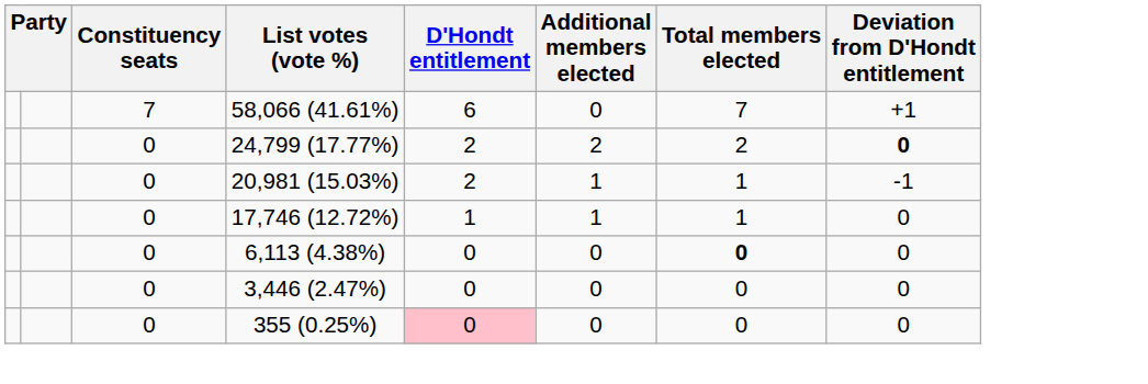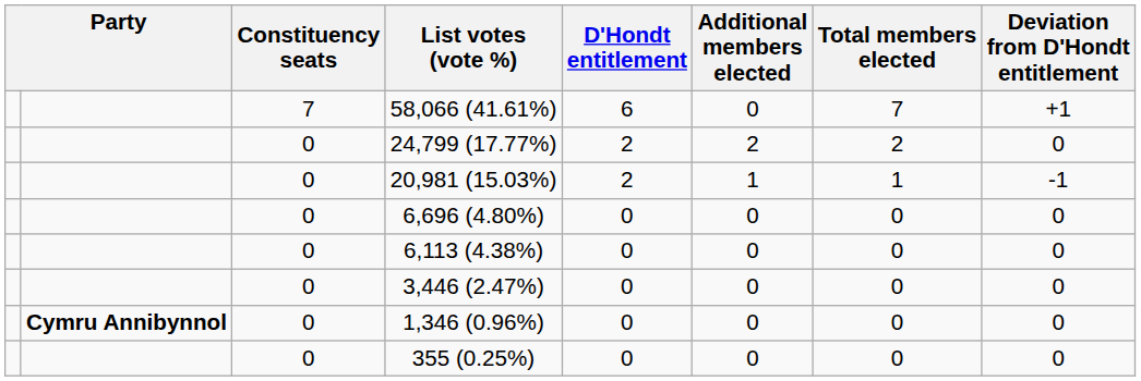 <table class="wikitable" style="text-align:center">
 <tr>
 <th colspan="2" rowspan="1" align="center" valign="top">Party</th>
 <th>Constituency<br>seats</th>
 <th>List votes<br>(vote %)</th>
 <th><a href='#'>D'Hondt<br>entitlement</a></th>
 <th>Additional<br>members<br>elected</th>
 <th>Total members<br>elected</th>
 <th>Deviation<br>from D'Hondt<br>entitlement</th>
 </tr>
 <tr>
 <td style="width: 4px" bgcolor=></td>
 <td style="text-align: left;" scope="row"><strong><a href='#'></a></strong></td>
 <td>7</td>
 <td>58,066 (41.61%)</td>
 <td>6</td>
 <td>0</td>
 <td>7</td>
 <td>+1</td>
 </tr>
 <tr>
 <td style="width: 4px" bgcolor=></td>
 <td style="text-align: left;" scope="row"><strong><a href='#'></a></strong></td>
 <td>0</td>
 <td>24,799 (17.77%)</td>
 <td>2</td>
 <td>2</td>
 <td>2</td>
-<td><strong>0</strong></td>
+<td>0</td>
 </tr>
 <tr>
 <td style="width: 4px"></td>
 <td style="text-align: left;" scope="row"><strong><a href='#'></a></strong></td>
 <td>0</td>
 <td>20,981 (15.03%)</td>
 <td>2</td>
 <td>1</td>
 <td>1</td>
 <td>-1</td>
 </tr>
 <tr>
 <td style="width: 4px"></td>
 <td style="text-align: left;" scope="row"><strong><a href='#'></a></strong></td>
 <td>0</td>
-<td>17,746 (12.72%)</td>
-<td>1</td>
-<td>1</td>
-<td>1</td>
+<td>6,696 (4.80%)</td>
+<td>0</td>
+<td>0</td>
+<td>0</td>
 <td>0</td>
 </tr>
 <tr>
 <td style="width: 4px"></td>
 <td style="text-align: left;" scope="row"><strong><a href='#'></a></strong></td>
 <td>0</td>
 <td>6,113 (4.38%)</td>
 <td>0</td>
 <td>0</td>
-<td><strong>0</strong></td>
+<td>0</td>
 <td>0</td>
 </tr>
 <tr>
 <td style="width: 4px"></td>
 <td style="text-align: left;" scope="row"><strong><a href='#'></a></strong></td>
 <td>0</td>
 <td>3,446 (2.47%)</td>
 <td>0</td>
 <td>0</td>
 <td>0</td>
 <td>0</td>
 </tr>
 <tr>
+<td></td>
+<td style="text-align: left;" scope="row"><strong>Cymru Annibynnol</strong></td>
+<td>0</td>
+<td>1,346 (0.96%)</td>
+<td>0</td>
+<td>0</td>
+<td>0</td>
+<td>0</td>
+</tr>
+<tr>
 <td style="width: 4px" bgcolor=></td>
 <td style="text-align: left;" scope="row"><strong><a href='#'></a></strong></td>
 <td>0</td>
 <td>355 (0.25%)</td>
-<td style="background: pink;">0</td>
+<td>0</td>
 <td>0</td>
 <td>0</td>
 <td>0</td>
 </tr>
 </table>
